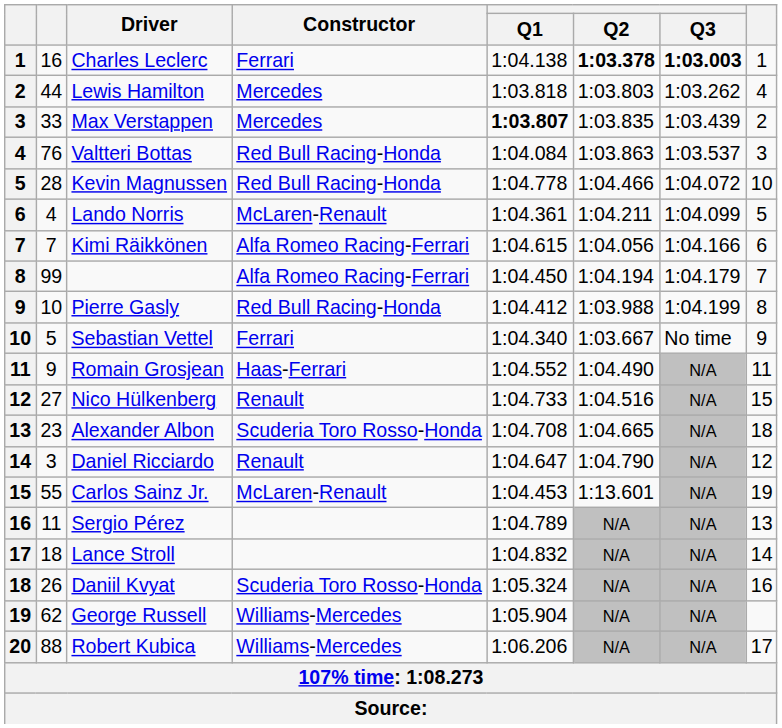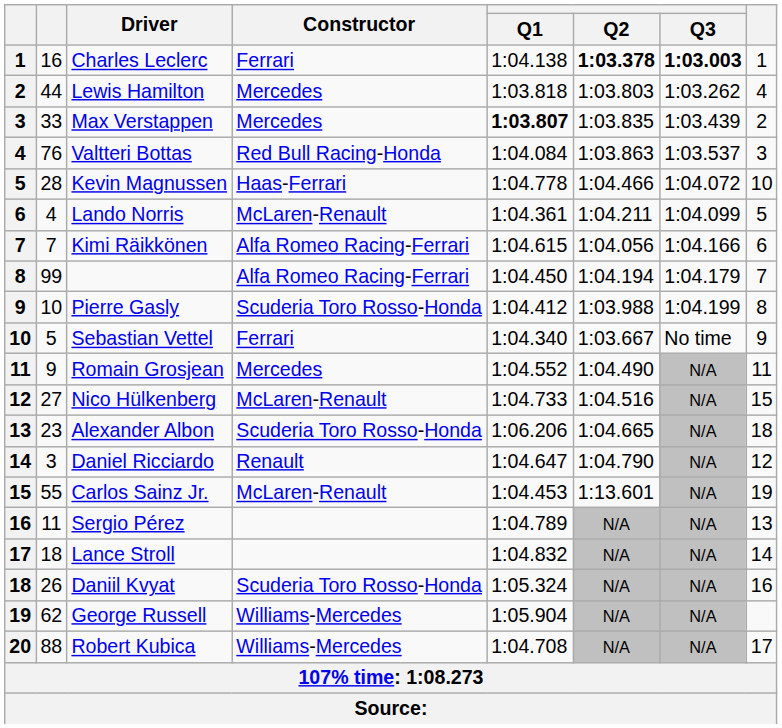 <table class="wikitable sortable" style="font-size:85%">
 <tr>
 <th rowspan="2"></th>
 <th rowspan="2"></th>
 <th rowspan="2">Driver</th>
 <th rowspan="2">Constructor</th>
 <th colspan="3"></th>
 <th rowspan="2"></th>
 </tr>
 <tr>
 <th>Q1</th>
 <th>Q2</th>
 <th>Q3</th>
 </tr>
 <tr>
 <th>1</th>
 <td align="center">16</td>
 <td data-sort-value="LEC"> <a href='#'>Charles Leclerc</a></td>
 <td><a href='#'>Ferrari</a></td>
 <td>1:04.138</td>
 <td><strong>1:03.378</strong></td>
 <td><strong>1:03.003</strong></td>
 <td align="center">1</td>
 </tr>
 <tr>
 <th>2</th>
 <td align="center">44</td>
 <td data-sort-value="HAM"> <a href='#'>Lewis Hamilton</a></td>
 <td><a href='#'>Mercedes</a></td>
 <td>1:03.818</td>
 <td>1:03.803</td>
 <td>1:03.262</td>
 <td align="center">4</td>
 </tr>
 <tr>
 <th>3</th>
 <td align="center">33</td>
 <td data-sort-value="VER"> <a href='#'>Max Verstappen</a></td>
 <td><a href='#'>Mercedes</a></td>
 <td><strong>1:03.807</strong></td>
 <td>1:03.835</td>
 <td>1:03.439</td>
 <td align="center">2</td>
 </tr>
 <tr>
 <th>4</th>
 <td align="center">76</td>
 <td data-sort-value="BOT"> <a href='#'>Valtteri Bottas</a></td>
 <td><a href='#'>Red Bull Racing</a>-<a href='#'>Honda</a></td>
 <td>1:04.084</td>
 <td>1:03.863</td>
 <td>1:03.537</td>
 <td align="center">3</td>
 </tr>
 <tr>
 <th>5</th>
 <td align="center">28</td>
 <td data-sort-value="MAG"> <a href='#'>Kevin Magnussen</a></td>
-<td><a href='#'>Red Bull Racing</a>-<a href='#'>Honda</a></td>
+<td><a href='#'>Haas</a>-<a href='#'>Ferrari</a></td>
 <td>1:04.778</td>
 <td>1:04.466</td>
 <td>1:04.072</td>
 <td align="center">10</td>
 </tr>
 <tr>
 <th>6</th>
 <td align="center">4</td>
 <td data-sort-value="NOR"> <a href='#'>Lando Norris</a></td>
 <td><a href='#'>McLaren</a>-<a href='#'>Renault</a></td>
 <td>1:04.361</td>
 <td>1:04.211</td>
 <td>1:04.099</td>
 <td align="center">5</td>
 </tr>
 <tr>
 <th>7</th>
 <td align="center">7</td>
 <td data-sort-value="RAI"> <a href='#'>Kimi Räikkönen</a></td>
 <td><a href='#'>Alfa Romeo Racing</a>-<a href='#'>Ferrari</a></td>
 <td>1:04.615</td>
 <td>1:04.056</td>
 <td>1:04.166</td>
 <td align="center">6</td>
 </tr>
 <tr>
 <th>8</th>
 <td align="center">99</td>
 <td data-sort-value="GIO"></td>
 <td><a href='#'>Alfa Romeo Racing</a>-<a href='#'>Ferrari</a></td>
 <td>1:04.450</td>
 <td>1:04.194</td>
 <td>1:04.179</td>
 <td align="center">7</td>
 </tr>
 <tr>
 <th>9</th>
 <td align="center">10</td>
 <td data-sort-value="GAS"> <a href='#'>Pierre Gasly</a></td>
-<td><a href='#'>Red Bull Racing</a>-<a href='#'>Honda</a></td>
+<td><a href='#'>Scuderia Toro Rosso</a>-<a href='#'>Honda</a></td>
 <td>1:04.412</td>
 <td>1:03.988</td>
 <td>1:04.199</td>
 <td align="center">8</td>
 </tr>
 <tr>
 <th>10</th>
 <td align="center">5</td>
 <td data-sort-value="VET"> <a href='#'>Sebastian Vettel</a></td>
 <td><a href='#'>Ferrari</a></td>
 <td>1:04.340</td>
 <td>1:03.667</td>
 <td data-sort-value="2:00.000">No time</td>
 <td align="center">9</td>
 </tr>
 <tr>
 <th>11</th>
 <td align="center">9</td>
 <td data-sort-value="GRO"> <a href='#'>Romain Grosjean</a></td>
-<td><a href='#'>Haas</a>-<a href='#'>Ferrari</a></td>
+<td><a href='#'>Mercedes</a></td>
 <td>1:04.552</td>
 <td>1:04.490</td>
 <td style="background: silver" align="center"><small>N/A</small></td>
 <td align="center">11</td>
 </tr>
 <tr>
 <th>12</th>
 <td align="center">27</td>
 <td data-sort-value="HUL"> <a href='#'>Nico Hülkenberg</a></td>
-<td><a href='#'>Renault</a></td>
+<td><a href='#'>McLaren</a>-<a href='#'>Renault</a></td>
 <td>1:04.733</td>
 <td>1:04.516</td>
 <td style="background: silver" align="center"><small>N/A</small></td>
 <td align="center">15</td>
 </tr>
 <tr>
 <th>13</th>
 <td align="center">23</td>
 <td data-sort-value="ALB"> <a href='#'>Alexander Albon</a></td>
 <td><a href='#'>Scuderia Toro Rosso</a>-<a href='#'>Honda</a></td>
-<td>1:04.708</td>
+<td>1:06.206</td>
 <td>1:04.665</td>
 <td style="background: silver" align="center"><small>N/A</small></td>
 <td align="center">18</td>
 </tr>
 <tr>
 <th>14</th>
 <td align="center">3</td>
 <td data-sort-value="RIC"> <a href='#'>Daniel Ricciardo</a></td>
 <td><a href='#'>Renault</a></td>
 <td>1:04.647</td>
 <td>1:04.790</td>
 <td style="background: silver" align="center"><small>N/A</small></td>
 <td align="center">12</td>
 </tr>
 <tr>
 <th>15</th>
 <td align="center">55</td>
 <td data-sort-value="SAI"> <a href='#'>Carlos Sainz Jr.</a></td>
 <td><a href='#'>McLaren</a>-<a href='#'>Renault</a></td>
 <td>1:04.453</td>
 <td>1:13.601</td>
 <td style="background: silver" align="center"><small>N/A</small></td>
 <td align="center">19</td>
 </tr>
 <tr>
 <th>16</th>
 <td align="center">11</td>
 <td data-sort-value="PER"> <a href='#'>Sergio Pérez</a></td>
 <td></td>
 <td>1:04.789</td>
 <td style="background: silver" align="center"><small>N/A</small></td>
 <td style="background: silver" align="center"><small>N/A</small></td>
 <td align="center">13</td>
 </tr>
 <tr>
 <th>17</th>
 <td align="center">18</td>
 <td data-sort-value="STR"> <a href='#'>Lance Stroll</a></td>
 <td></td>
 <td>1:04.832</td>
 <td style="background: silver" align="center"><small>N/A</small></td>
 <td style="background: silver" align="center"><small>N/A</small></td>
 <td align="center">14</td>
 </tr>
 <tr>
 <th>18</th>
 <td align="center">26</td>
 <td data-sort-value="KVY"> <a href='#'>Daniil Kvyat</a></td>
 <td><a href='#'>Scuderia Toro Rosso</a>-<a href='#'>Honda</a></td>
 <td>1:05.324</td>
 <td style="background: silver" align="center"><small>N/A</small></td>
 <td style="background: silver" align="center"><small>N/A</small></td>
 <td align="center">16</td>
 </tr>
 <tr>
 <th>19</th>
 <td align="center">62</td>
 <td data-sort-value="RUS"> <a href='#'>George Russell</a></td>
 <td><a href='#'>Williams</a>-<a href='#'>Mercedes</a></td>
 <td>1:05.904</td>
 <td style="background: silver" align="center"><small>N/A</small></td>
 <td style="background: silver" align="center"><small>N/A</small></td>
 <td align="center" data-sort-value="20"></td>
 </tr>
 <tr>
 <th>20</th>
 <td align="center">88</td>
 <td data-sort-value="KUB"> <a href='#'>Robert Kubica</a></td>
 <td><a href='#'>Williams</a>-<a href='#'>Mercedes</a></td>
-<td>1:06.206</td>
+<td>1:04.708</td>
 <td style="background: silver" align="center"><small>N/A</small></td>
 <td style="background: silver" align="center"><small>N/A</small></td>
 <td align="center">17</td>
 </tr>
 <tr>
 <th colspan="8"><a href='#'>107% time</a>: 1:08.273</th>
 </tr>
 <tr>
 <th colspan="8">Source:</th>
 </tr>
 </table>
